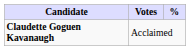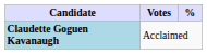 <table class="wikitable">
 <tr>
 <th style="background:#ddf; width:200px;">Candidate</th>
 <th style="background:#ddf; width:50px;">Votes</th>
 <th style="background:#ddf; width:30px;">%</th>
 </tr>
 <tr>
-<td><strong>Claudette Goguen Kavanaugh</strong></td>
+<td style="background: lightblue;"><strong>Claudette Goguen Kavanaugh</strong></td>
 <td colspan="2">Acclaimed</td>
 </tr>
 </table>
